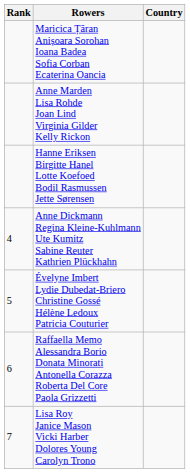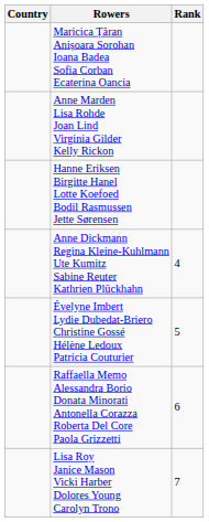 <table class="wikitable sortable">
 <tr>
+<th>Country</th>
+<th>Rowers</th>
 <th>Rank</th>
-<th>Rowers</th>
-<th>Country</th>
 </tr>
 <tr>
 <td></td>
 <td><a href='#'>Maricica Țăran</a><br><a href='#'>Anișoara Sorohan</a><br><a href='#'>Ioana Badea</a><br><a href='#'>Sofia Corban</a><br><a href='#'>Ecaterina Oancia</a></td>
 <td></td>
 </tr>
 <tr>
 <td></td>
 <td><a href='#'>Anne Marden</a><br><a href='#'>Lisa Rohde</a><br><a href='#'>Joan Lind</a><br><a href='#'>Virginia Gilder</a><br><a href='#'>Kelly Rickon</a></td>
 <td></td>
 </tr>
 <tr>
 <td></td>
 <td><a href='#'>Hanne Eriksen</a><br><a href='#'>Birgitte Hanel</a><br><a href='#'>Lotte Koefoed</a><br><a href='#'>Bodil Rasmussen</a><br><a href='#'>Jette Sørensen</a></td>
 <td></td>
 </tr>
 <tr>
+<td></td>
+<td><a href='#'>Anne Dickmann</a><br><a href='#'>Regina Kleine-Kuhlmann</a><br><a href='#'>Ute Kumitz</a><br><a href='#'>Sabine Reuter</a><br><a href='#'>Kathrien Plückhahn</a></td>
 <td>4</td>
-<td><a href='#'>Anne Dickmann</a><br><a href='#'>Regina Kleine-Kuhlmann</a><br><a href='#'>Ute Kumitz</a><br><a href='#'>Sabine Reuter</a><br><a href='#'>Kathrien Plückhahn</a></td>
-<td></td>
 </tr>
 <tr>
+<td></td>
+<td><a href='#'>Évelyne Imbert</a><br><a href='#'>Lydie Dubedat-Briero</a><br><a href='#'>Christine Gossé</a><br><a href='#'>Hélène Ledoux</a><br><a href='#'>Patricia Couturier</a></td>
 <td>5</td>
-<td><a href='#'>Évelyne Imbert</a><br><a href='#'>Lydie Dubedat-Briero</a><br><a href='#'>Christine Gossé</a><br><a href='#'>Hélène Ledoux</a><br><a href='#'>Patricia Couturier</a></td>
-<td></td>
 </tr>
 <tr>
+<td></td>
+<td><a href='#'>Raffaella Memo</a><br><a href='#'>Alessandra Borio</a><br><a href='#'>Donata Minorati</a><br><a href='#'>Antonella Corazza</a><br><a href='#'>Roberta Del Core</a><br><a href='#'>Paola Grizzetti</a></td>
 <td>6</td>
-<td><a href='#'>Raffaella Memo</a><br><a href='#'>Alessandra Borio</a><br><a href='#'>Donata Minorati</a><br><a href='#'>Antonella Corazza</a><br><a href='#'>Roberta Del Core</a><br><a href='#'>Paola Grizzetti</a></td>
-<td></td>
 </tr>
 <tr>
+<td></td>
+<td><a href='#'>Lisa Roy</a><br><a href='#'>Janice Mason</a><br><a href='#'>Vicki Harber</a><br><a href='#'>Dolores Young</a><br><a href='#'>Carolyn Trono</a></td>
 <td>7</td>
-<td><a href='#'>Lisa Roy</a><br><a href='#'>Janice Mason</a><br><a href='#'>Vicki Harber</a><br><a href='#'>Dolores Young</a><br><a href='#'>Carolyn Trono</a></td>
-<td></td>
 </tr>
 </table>
